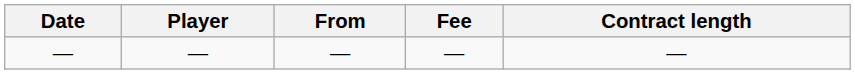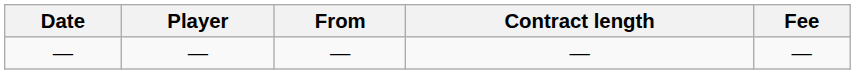 <table class="wikitable" style="font-size:95%; width:50%">
 <tr>
 <th>Date</th>
 <th>Player</th>
 <th>From</th>
+<th>Contract length</th>
 <th>Fee</th>
-<th>Contract length</th>
 </tr>
 <tr>
 <td align=center>—</td>
 <td align=center>—</td>
 <td align=center>—</td>
 <td align=center>—</td>
 <td align=center>—</td>
 </tr>
 </table>
